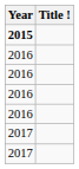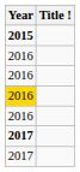 <table class="wikitable">
 <tr>
 <th>Year</th>
 <th>Title !</th>
 </tr>
 <tr>
 <td><strong>2015</strong></td>
 <td></td>
 </tr>
 <tr>
 <td>2016</td>
 <td></td>
 </tr>
 <tr>
 <td>2016</td>
 <td></td>
 </tr>
 <tr>
-<td>2016</td>
+<td style="background: gold;">2016</td>
 <td></td>
 </tr>
 <tr>
 <td>2016</td>
 <td></td>
 </tr>
 <tr>
-<td>2017</td>
+<td><strong>2017</strong></td>
 <td></td>
 </tr>
 <tr>
 <td>2017</td>
 <td></td>
 </tr>
 </table>
